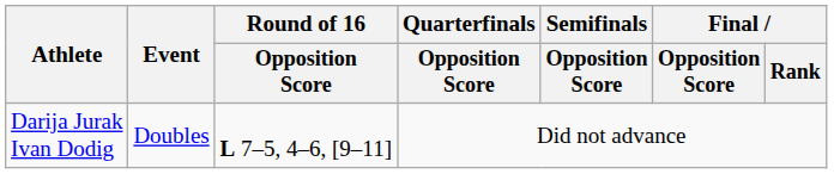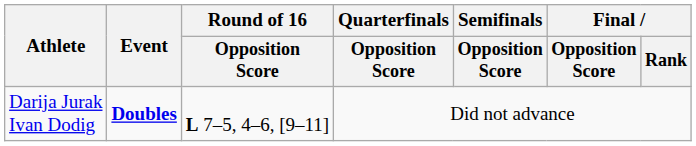 <table class=wikitable style=font-size:90%>
 <tr>
 <th rowspan=2>Athlete</th>
 <th rowspan=2>Event</th>
 <th>Round of 16</th>
 <th>Quarterfinals</th>
 <th>Semifinals</th>
 <th colspan=2>Final / </th>
 </tr>
 <tr style=font-size:95%>
 <th>Opposition<br>Score</th>
 <th>Opposition<br>Score</th>
 <th>Opposition<br>Score</th>
 <th>Opposition<br>Score</th>
 <th>Rank</th>
 </tr>
 <tr align=center>
 <td align=left><a href='#'>Darija Jurak</a><br><a href='#'>Ivan Dodig</a></td>
-<td align=left><a href='#'>Doubles</a></td>
+<td align=left><strong><a href='#'>Doubles</a></strong></td>
 <td><br><strong>L</strong> 7–5, 4–6, [9–11]</td>
 <td colspan=4>Did not advance</td>
 </tr>
 </table>
